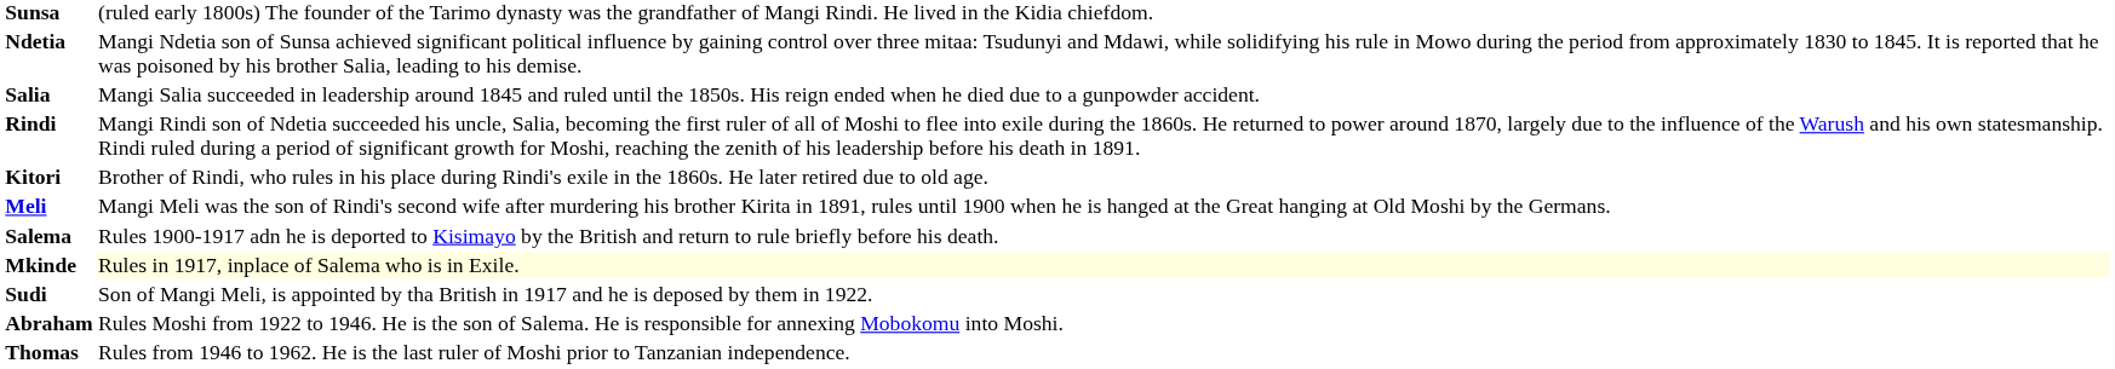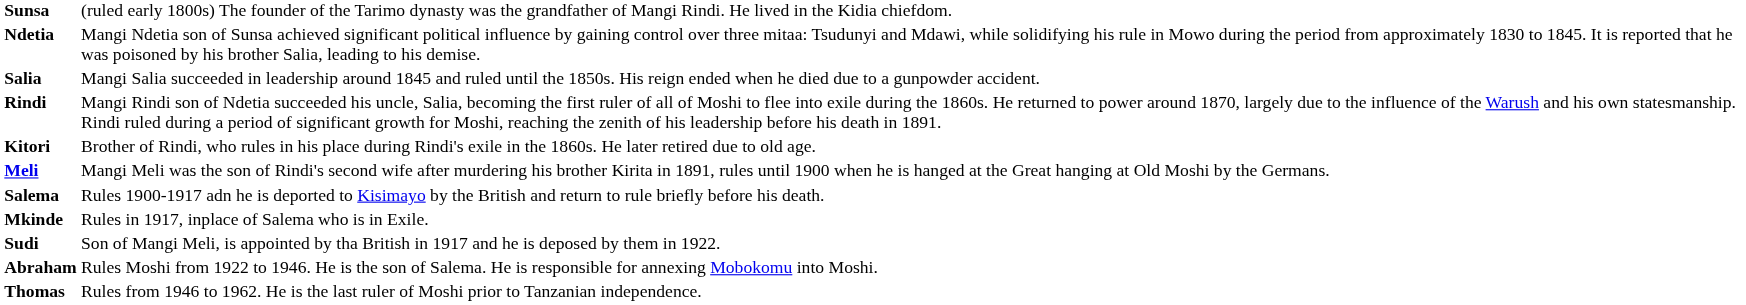 <table border=0>
 <tr>
 <td valign=top><strong>Sunsa</strong></td>
 <td>(ruled early 1800s) The founder of the Tarimo dynasty was the grandfather of Mangi Rindi. He lived in the Kidia chiefdom.</td>
 </tr>
 <tr>
 <td valign=top><strong>Ndetia</strong></td>
 <td>Mangi Ndetia son of Sunsa achieved significant political influence by gaining control over three mitaa: Tsudunyi and Mdawi, while solidifying his rule in Mowo during the period from approximately 1830 to 1845. It is reported that he was poisoned by his brother Salia, leading to his demise.</td>
 </tr>
 <tr>
 <td valign=top><strong>Salia</strong></td>
 <td>Mangi Salia succeeded in leadership around 1845 and ruled until the 1850s. His reign ended when he died due to a gunpowder accident.</td>
 </tr>
 <tr>
 <td valign=top><strong>Rindi</strong></td>
 <td>Mangi Rindi son of Ndetia succeeded his uncle, Salia, becoming the first ruler of all of Moshi to flee into exile during the 1860s. He returned to power around 1870, largely due to the influence of the <a href='#'>Warush</a> and his own statesmanship. Rindi ruled during a period of significant growth for Moshi, reaching the zenith of his leadership before his death in 1891.</td>
 </tr>
 <tr>
 <td valign=top><strong>Kitori</strong></td>
 <td>Brother of Rindi, who rules in his place during Rindi's exile in the 1860s. He later retired due to old age.</td>
 </tr>
 <tr>
 <td valign=top><strong><a href='#'>Meli</a></strong></td>
 <td>Mangi Meli was the son of Rindi's second wife after murdering his brother Kirita in 1891, rules until 1900 when he is hanged at the Great hanging at Old Moshi by the Germans.</td>
 </tr>
 <tr>
 <td valign=top><strong>Salema</strong></td>
 <td>Rules 1900-1917 adn he is deported to <a href='#'>Kisimayo</a> by the British and return to rule briefly before his death.</td>
 </tr>
 <tr>
 <td valign=top><strong>Mkinde</strong></td>
-<td style="background: lightyellow;">Rules in 1917, inplace of Salema who is in Exile.</td>
+<td>Rules in 1917, inplace of Salema who is in Exile.</td>
 </tr>
 <tr>
 <td valign=top><strong>Sudi</strong></td>
 <td>Son of Mangi Meli, is appointed by tha British in 1917 and he is deposed by them in 1922.</td>
 </tr>
 <tr>
 <td valign=top><strong>Abraham</strong></td>
 <td>Rules Moshi from 1922 to 1946. He is the son of Salema. He is responsible for annexing <a href='#'>Mobokomu</a> into Moshi.</td>
 </tr>
 <tr>
 <td valign=top><strong>Thomas</strong></td>
 <td>Rules from 1946 to 1962. He is the last ruler of Moshi prior to Tanzanian independence.</td>
 </tr>
 </table>
